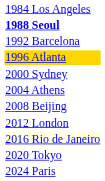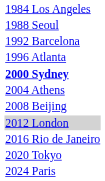 <table>
 <tr>
 <td><a href='#'>1984 Los Angeles</a><br></td>
 <td></td>
 <td></td>
 <td></td>
 </tr>
 <tr>
-<td><strong><a href='#'>1988 Seoul</a><br></strong></td>
+<td><a href='#'>1988 Seoul</a><br></td>
 <td></td>
 <td></td>
 <td></td>
 </tr>
 <tr>
 <td><a href='#'>1992 Barcelona</a><br></td>
 <td></td>
 <td></td>
 <td></td>
 </tr>
 <tr>
-<td style="background: gold;"><a href='#'>1996 Atlanta</a><br></td>
+<td><a href='#'>1996 Atlanta</a><br></td>
 <td></td>
 <td></td>
 <td></td>
 </tr>
 <tr>
-<td><a href='#'>2000 Sydney</a><br></td>
+<td><strong><a href='#'>2000 Sydney</a><br></strong></td>
 <td></td>
 <td></td>
 <td></td>
 </tr>
 <tr>
 <td><a href='#'>2004 Athens</a><br></td>
 <td></td>
 <td></td>
 <td></td>
 </tr>
 <tr>
 <td><a href='#'>2008 Beijing</a><br></td>
 <td></td>
 <td></td>
 <td></td>
 </tr>
 <tr>
-<td><a href='#'>2012 London</a><br></td>
+<td style="background: lightgrey;"><a href='#'>2012 London</a><br></td>
 <td></td>
 <td></td>
 <td></td>
 </tr>
 <tr>
-<td style="background: lightyellow;"><a href='#'>2016 Rio de Janeiro</a><br></td>
+<td><a href='#'>2016 Rio de Janeiro</a><br></td>
 <td></td>
 <td></td>
 <td></td>
 </tr>
 <tr>
 <td><a href='#'>2020 Tokyo</a><br></td>
 <td></td>
 <td></td>
 <td></td>
 </tr>
 <tr>
 <td><a href='#'>2024 Paris</a><br></td>
 <td></td>
 <td></td>
 <td></td>
 </tr>
 </table>
